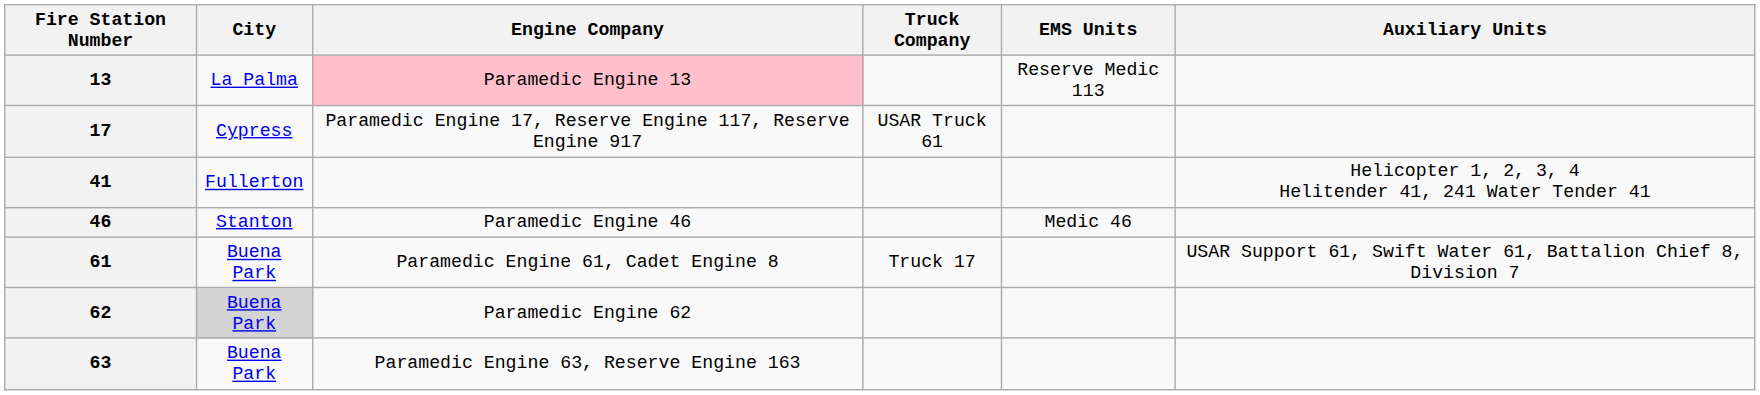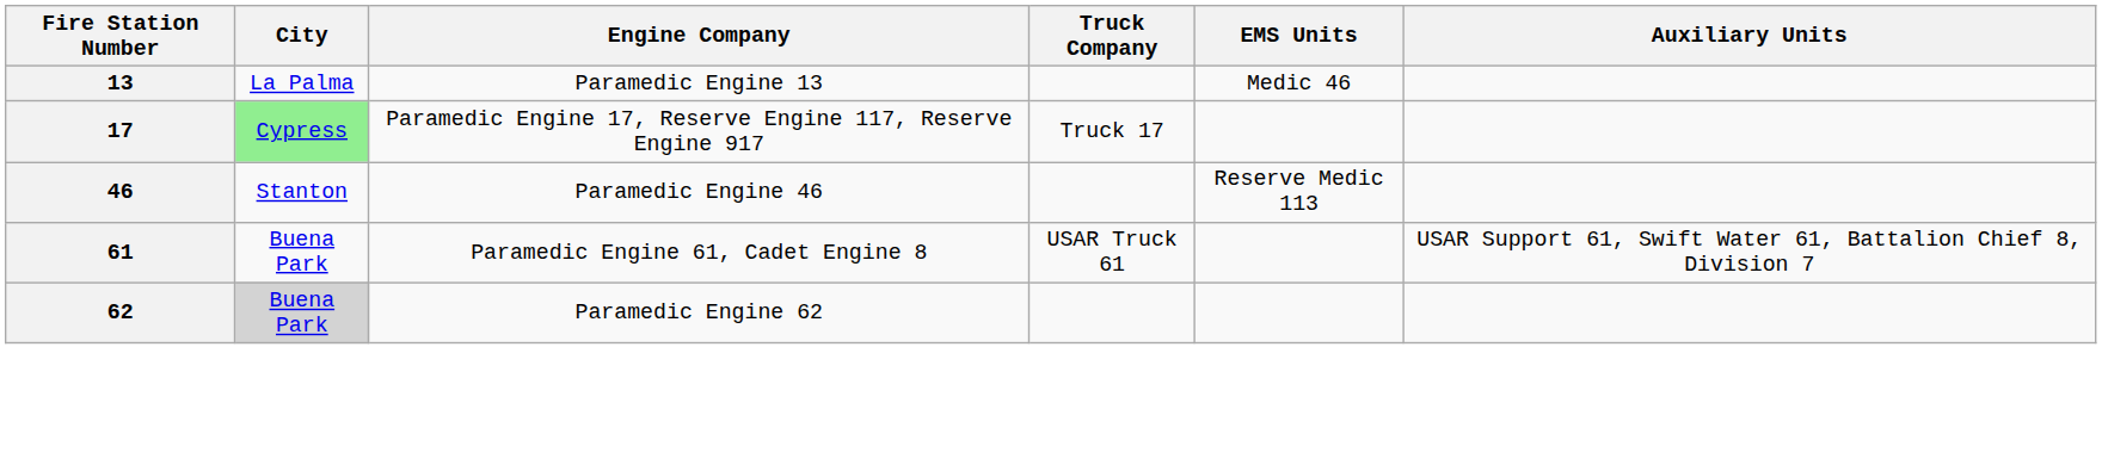 <table class=wikitable style="text-align:center;">
 <tr>
 <th>Fire Station Number</th>
 <th>City</th>
 <th>Engine Company</th>
 <th>Truck Company</th>
 <th>EMS Units</th>
 <th>Auxiliary Units</th>
 </tr>
 <tr>
 <th>13</th>
 <td><a href='#'>La Palma</a></td>
-<td style="background: pink;">Paramedic Engine 13</td>
+<td>Paramedic Engine 13</td>
 <td></td>
-<td>Reserve Medic 113</td>
+<td>Medic 46</td>
 <td></td>
 </tr>
 <tr>
 <th>17</th>
-<td><a href='#'>Cypress</a></td>
+<td style="background: lightgreen;"><a href='#'>Cypress</a></td>
 <td>Paramedic Engine 17, Reserve Engine 117, Reserve Engine 917</td>
-<td>USAR Truck 61</td>
+<td>Truck 17</td>
 <td></td>
 <td></td>
-</tr>
-<tr>
-<th>41</th>
-<td><a href='#'>Fullerton</a></td>
-<td></td>
-<td></td>
-<td></td>
-<td>Helicopter 1, 2, 3, 4<br>Helitender 41, 241 Water Tender 41</td>
 </tr>
 <tr>
 <th>46</th>
 <td><a href='#'>Stanton</a></td>
 <td>Paramedic Engine 46</td>
 <td></td>
-<td>Medic 46</td>
+<td>Reserve Medic 113</td>
 <td></td>
 </tr>
 <tr>
 <th>61</th>
 <td><a href='#'>Buena Park</a></td>
 <td>Paramedic Engine 61, Cadet Engine 8</td>
-<td>Truck 17</td>
+<td>USAR Truck 61</td>
 <td></td>
 <td>USAR Support 61, Swift Water 61, Battalion Chief 8, Division 7</td>
 </tr>
 <tr>
 <th>62</th>
 <td style="background: lightgrey;"><a href='#'>Buena Park</a></td>
 <td>Paramedic Engine 62</td>
 <td></td>
 <td></td>
 <td></td>
 </tr>
-<tr>
-<th>63</th>
-<td><a href='#'>Buena Park</a></td>
-<td>Paramedic Engine 63, Reserve Engine 163</td>
-<td></td>
-<td></td>
-<td></td>
-</tr>
 </table>
